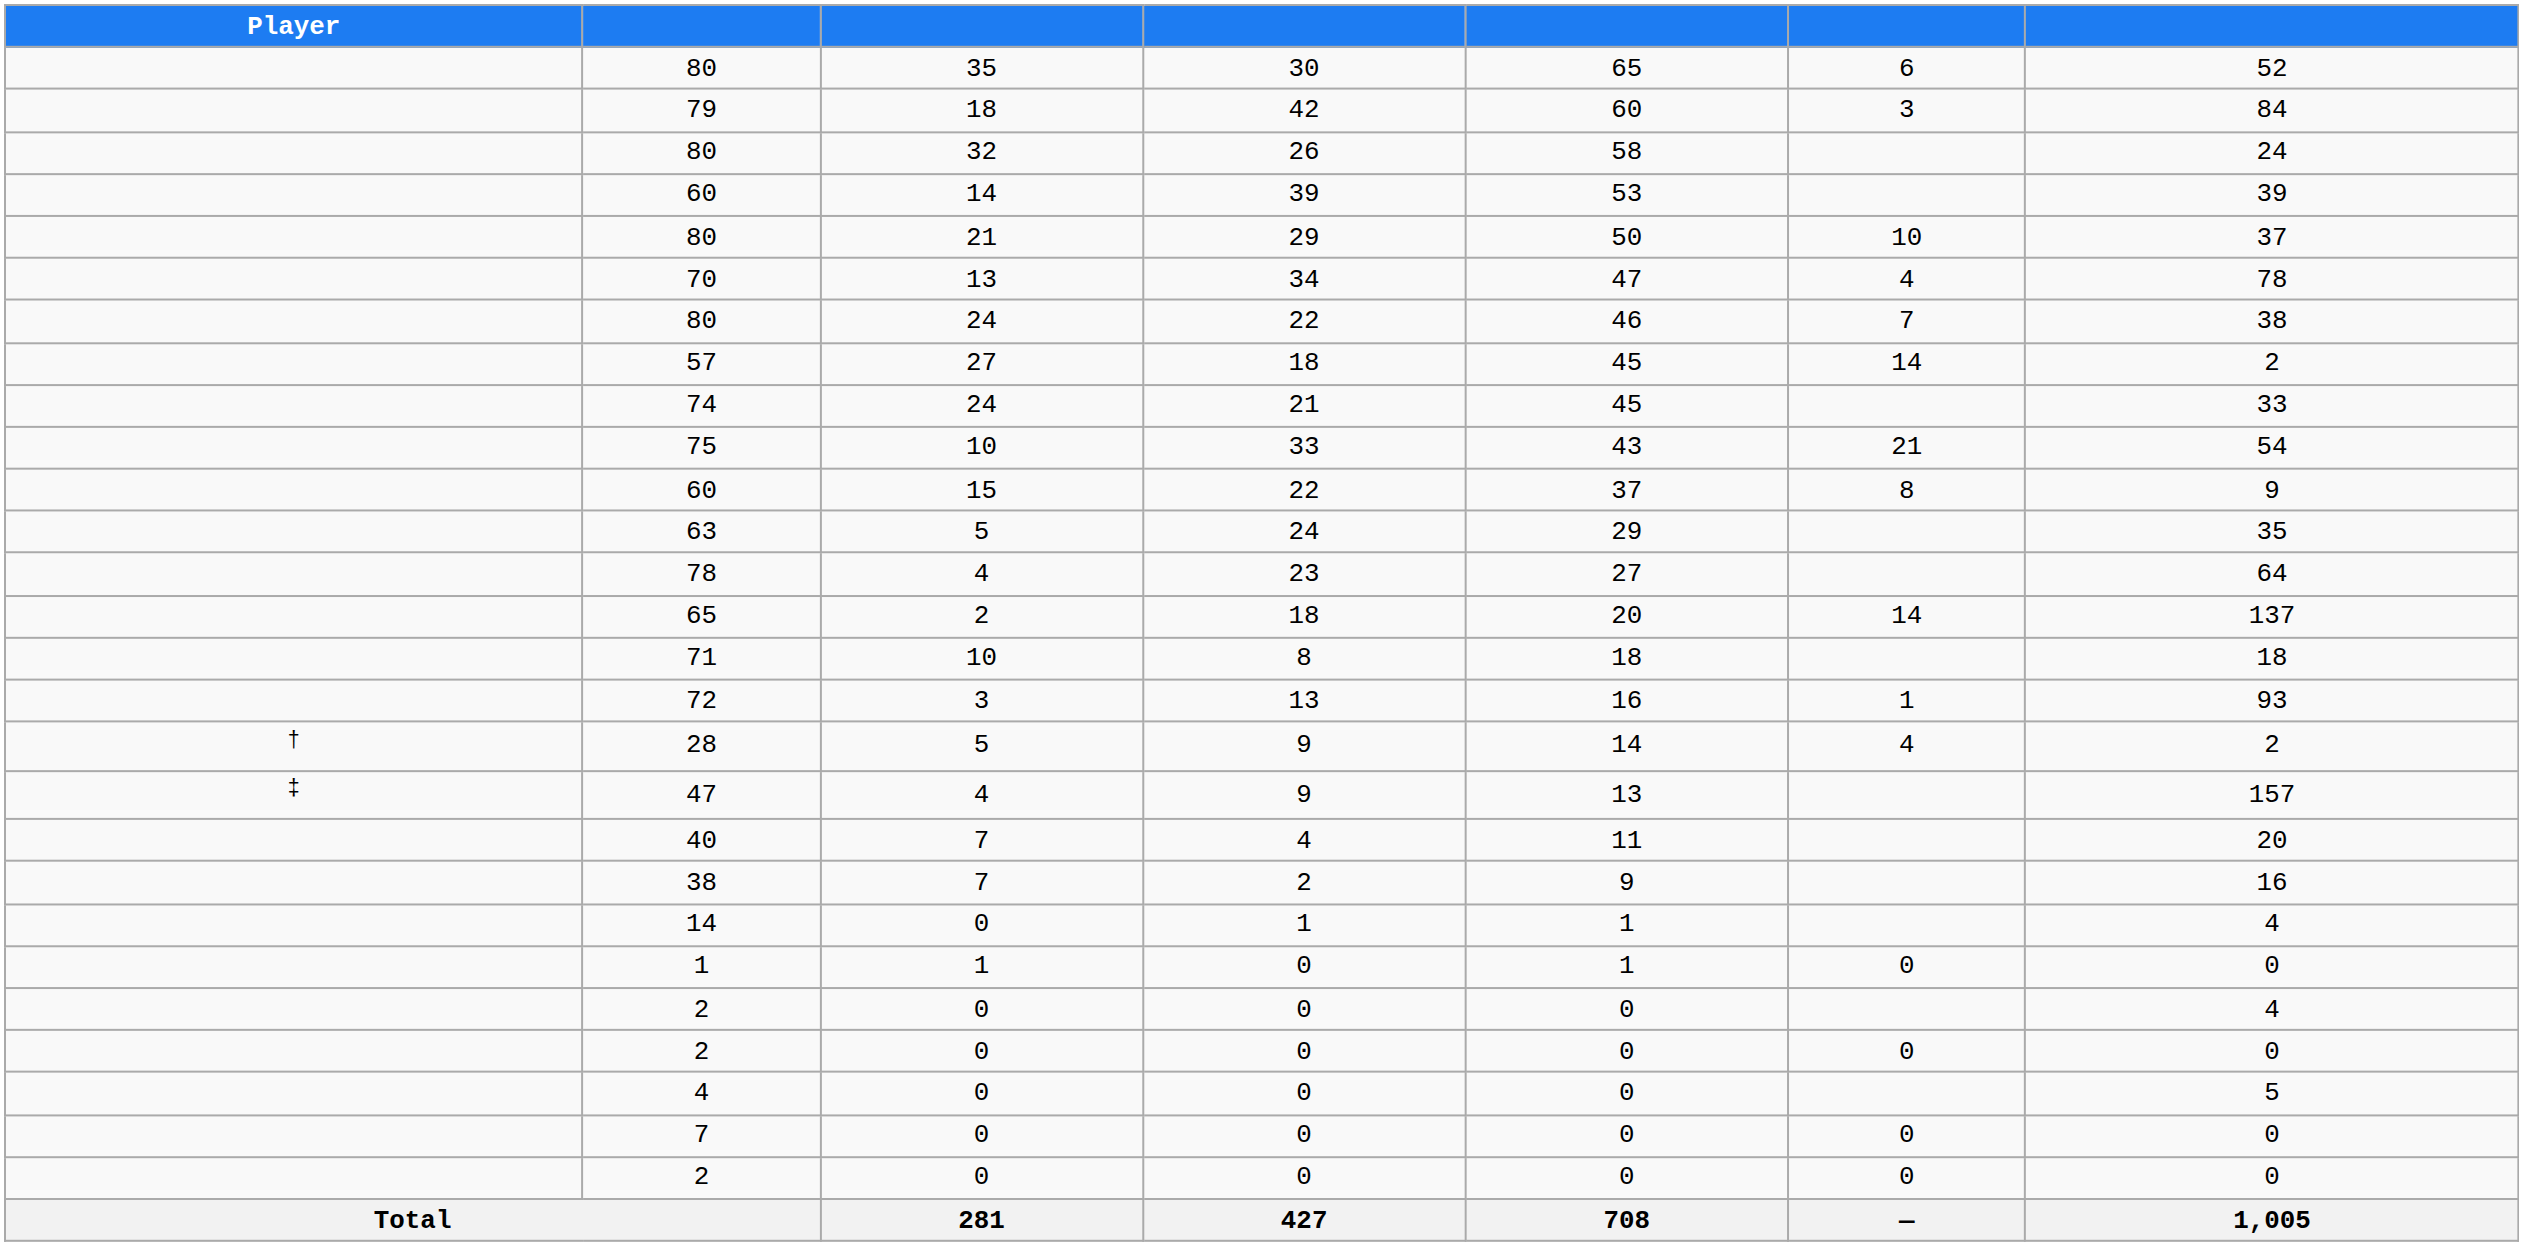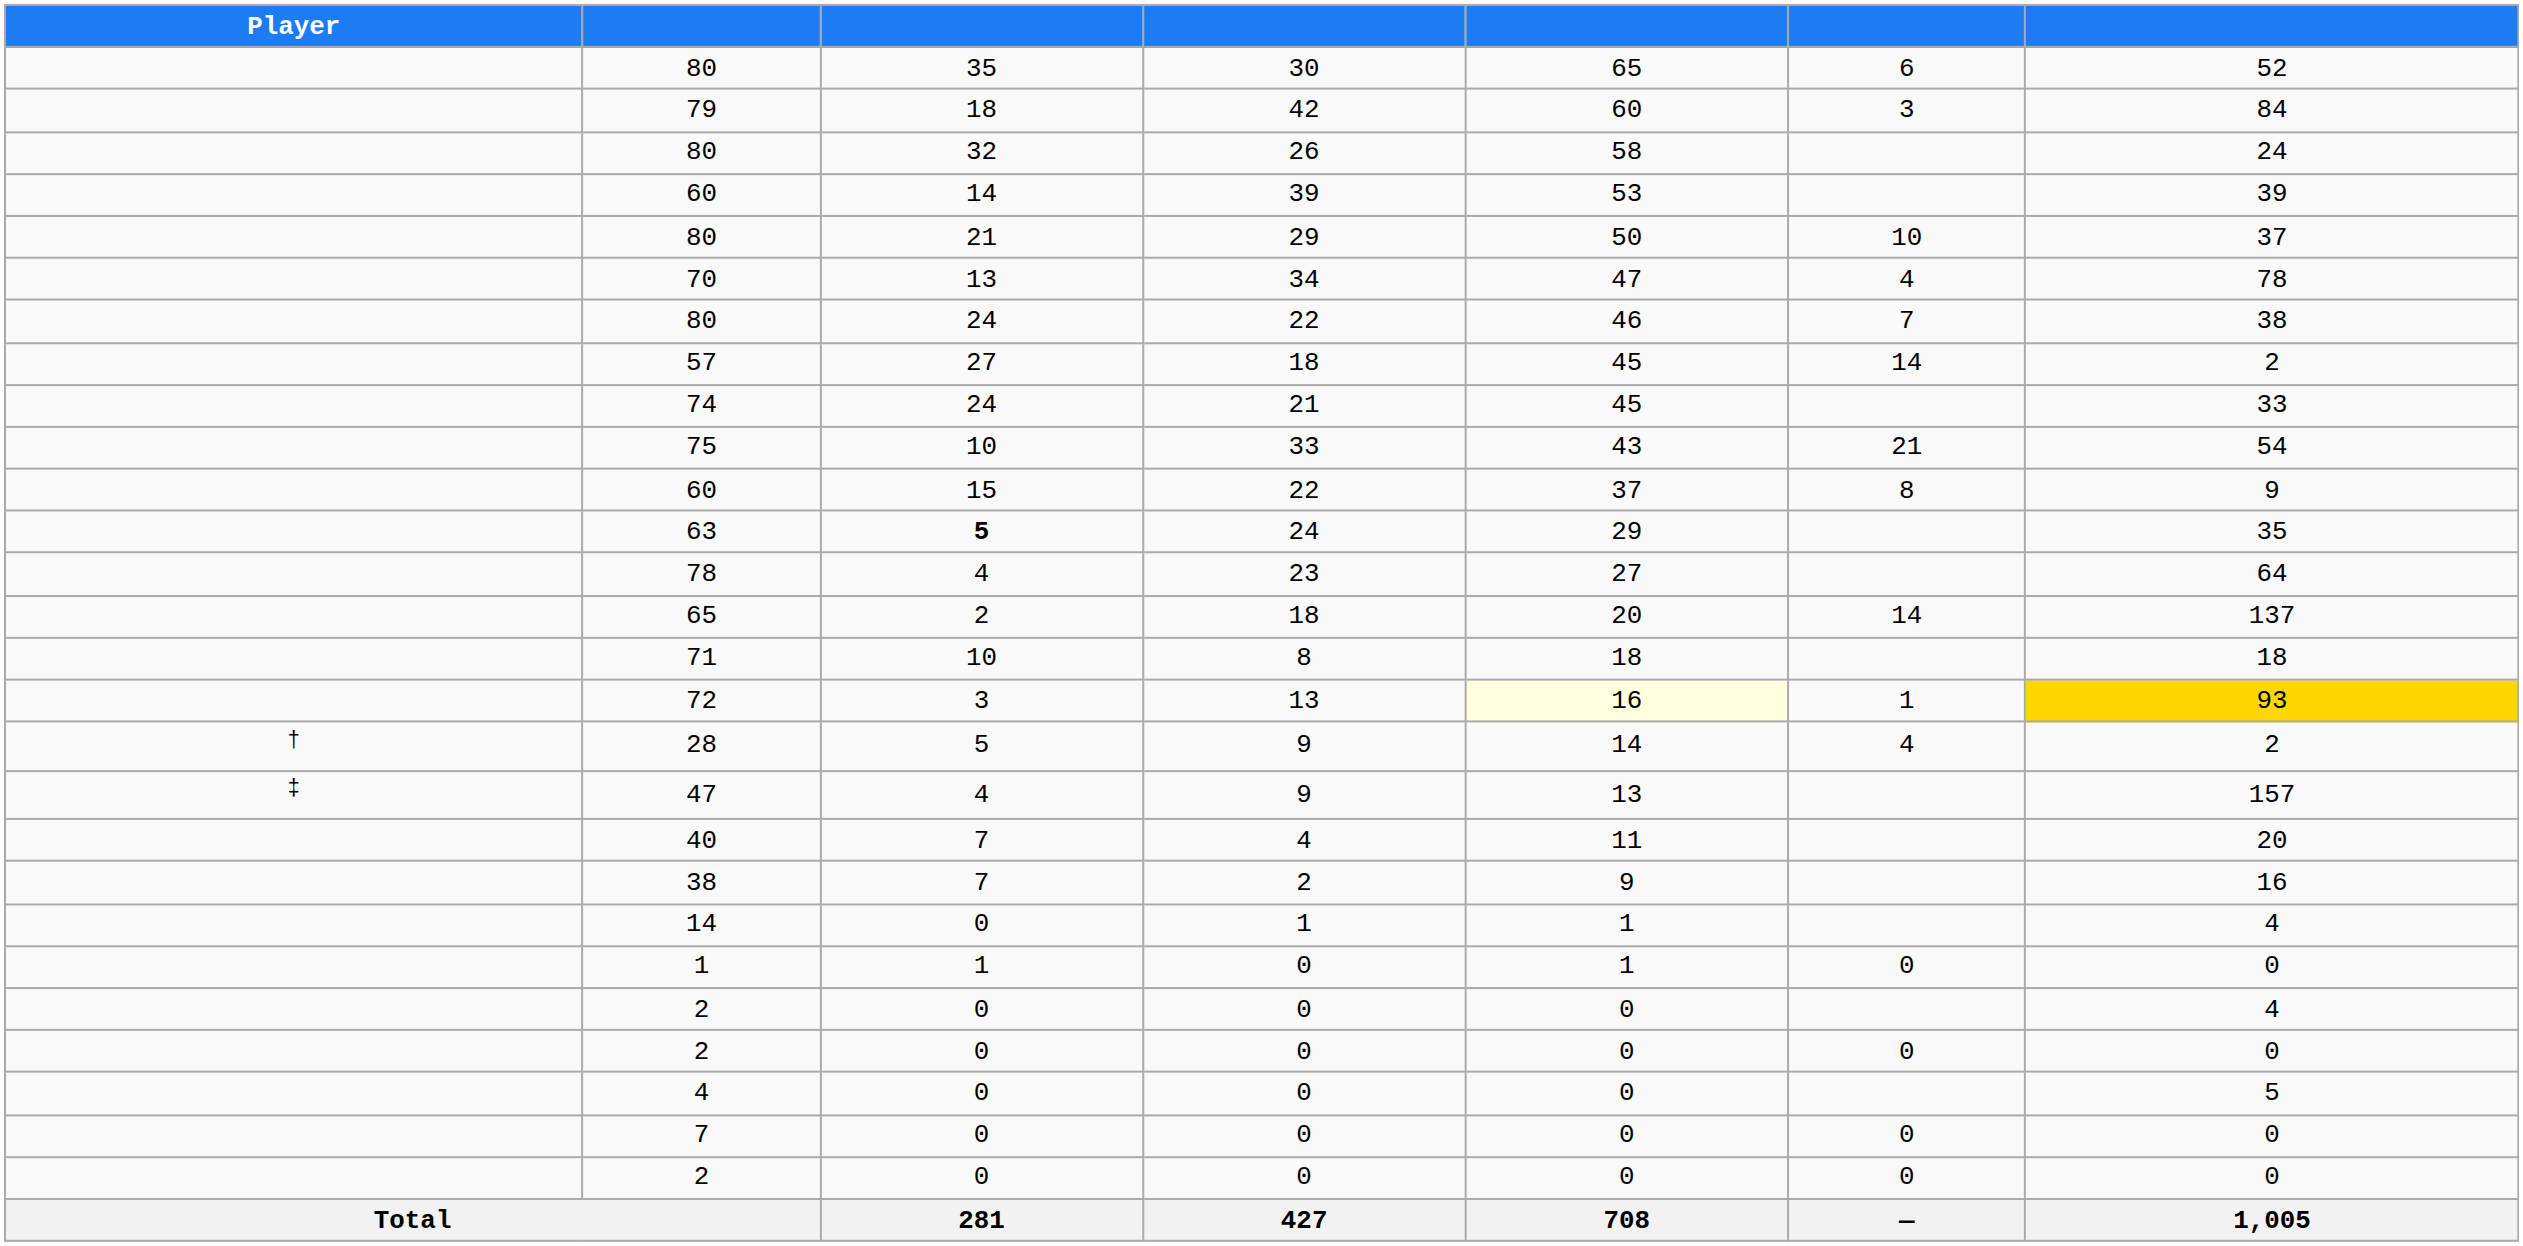 <table class="wikitable sortable" style="width:100%; text-align:center;">
 <tr align=center>
 <th style="color:white; background:#1D7CF2; ">Player</th>
 <th style="color:white; background:#1D7CF2; "></th>
 <th style="color:white; background:#1D7CF2; "></th>
 <th style="color:white; background:#1D7CF2; "></th>
 <th style="color:white; background:#1D7CF2; "></th>
 <th style="color:white; background:#1D7CF2; "></th>
 <th style="color:white; background:#1D7CF2; "></th>
 </tr>
 <tr>
 <td></td>
 <td>80</td>
 <td>35</td>
 <td>30</td>
 <td>65</td>
 <td>6</td>
 <td>52</td>
 </tr>
 <tr>
 <td></td>
 <td>79</td>
 <td>18</td>
 <td>42</td>
 <td>60</td>
 <td>3</td>
 <td>84</td>
 </tr>
 <tr>
 <td></td>
 <td>80</td>
 <td>32</td>
 <td>26</td>
 <td>58</td>
 <td></td>
 <td>24</td>
 </tr>
 <tr>
 <td></td>
 <td>60</td>
 <td>14</td>
 <td>39</td>
 <td>53</td>
 <td></td>
 <td>39</td>
 </tr>
 <tr>
 <td></td>
 <td>80</td>
 <td>21</td>
 <td>29</td>
 <td>50</td>
 <td>10</td>
 <td>37</td>
 </tr>
 <tr>
 <td></td>
 <td>70</td>
 <td>13</td>
 <td>34</td>
 <td>47</td>
 <td>4</td>
 <td>78</td>
 </tr>
 <tr>
 <td></td>
 <td>80</td>
 <td>24</td>
 <td>22</td>
 <td>46</td>
 <td>7</td>
 <td>38</td>
 </tr>
 <tr>
 <td></td>
 <td>57</td>
 <td>27</td>
 <td>18</td>
 <td>45</td>
 <td>14</td>
 <td>2</td>
 </tr>
 <tr>
 <td></td>
 <td>74</td>
 <td>24</td>
 <td>21</td>
 <td>45</td>
 <td></td>
 <td>33</td>
 </tr>
 <tr>
 <td></td>
 <td>75</td>
 <td>10</td>
 <td>33</td>
 <td>43</td>
 <td>21</td>
 <td>54</td>
 </tr>
 <tr>
 <td></td>
 <td>60</td>
 <td>15</td>
 <td>22</td>
 <td>37</td>
 <td>8</td>
 <td>9</td>
 </tr>
 <tr>
 <td></td>
 <td>63</td>
-<td>5</td>
+<td><strong>5</strong></td>
 <td>24</td>
 <td>29</td>
 <td></td>
 <td>35</td>
 </tr>
 <tr>
 <td></td>
 <td>78</td>
 <td>4</td>
 <td>23</td>
 <td>27</td>
 <td></td>
 <td>64</td>
 </tr>
 <tr>
 <td></td>
 <td>65</td>
 <td>2</td>
 <td>18</td>
 <td>20</td>
 <td>14</td>
 <td>137</td>
 </tr>
 <tr>
 <td></td>
 <td>71</td>
 <td>10</td>
 <td>8</td>
 <td>18</td>
 <td></td>
 <td>18</td>
 </tr>
 <tr>
 <td></td>
 <td>72</td>
 <td>3</td>
 <td>13</td>
-<td>16</td>
+<td style="background: lightyellow;">16</td>
 <td>1</td>
-<td>93</td>
+<td style="background: gold;">93</td>
 </tr>
 <tr>
 <td><sup>†</sup></td>
 <td>28</td>
 <td>5</td>
 <td>9</td>
 <td>14</td>
 <td>4</td>
 <td>2</td>
 </tr>
 <tr>
 <td><sup>‡</sup></td>
 <td>47</td>
 <td>4</td>
 <td>9</td>
 <td>13</td>
 <td></td>
 <td>157</td>
 </tr>
 <tr>
 <td></td>
 <td>40</td>
 <td>7</td>
 <td>4</td>
 <td>11</td>
 <td></td>
 <td>20</td>
 </tr>
 <tr>
 <td></td>
 <td>38</td>
 <td>7</td>
 <td>2</td>
 <td>9</td>
 <td></td>
 <td>16</td>
 </tr>
 <tr>
 <td></td>
 <td>14</td>
 <td>0</td>
 <td>1</td>
 <td>1</td>
 <td></td>
 <td>4</td>
 </tr>
 <tr>
 <td></td>
 <td>1</td>
 <td>1</td>
 <td>0</td>
 <td>1</td>
 <td>0</td>
 <td>0</td>
 </tr>
 <tr>
 <td></td>
 <td>2</td>
 <td>0</td>
 <td>0</td>
 <td>0</td>
 <td></td>
 <td>4</td>
 </tr>
 <tr>
 <td></td>
 <td>2</td>
 <td>0</td>
 <td>0</td>
 <td>0</td>
 <td>0</td>
 <td>0</td>
 </tr>
 <tr>
 <td></td>
 <td>4</td>
 <td>0</td>
 <td>0</td>
 <td>0</td>
 <td></td>
 <td>5</td>
 </tr>
 <tr>
 <td></td>
 <td>7</td>
 <td>0</td>
 <td>0</td>
 <td>0</td>
 <td>0</td>
 <td>0</td>
 </tr>
 <tr>
 <td></td>
 <td>2</td>
 <td>0</td>
 <td>0</td>
 <td>0</td>
 <td>0</td>
 <td>0</td>
 </tr>
 <tr class="sortbottom">
 <th colspan=2>Total</th>
 <th>281</th>
 <th>427</th>
 <th>708</th>
 <th>—</th>
 <th>1,005</th>
 </tr>
 </table>
